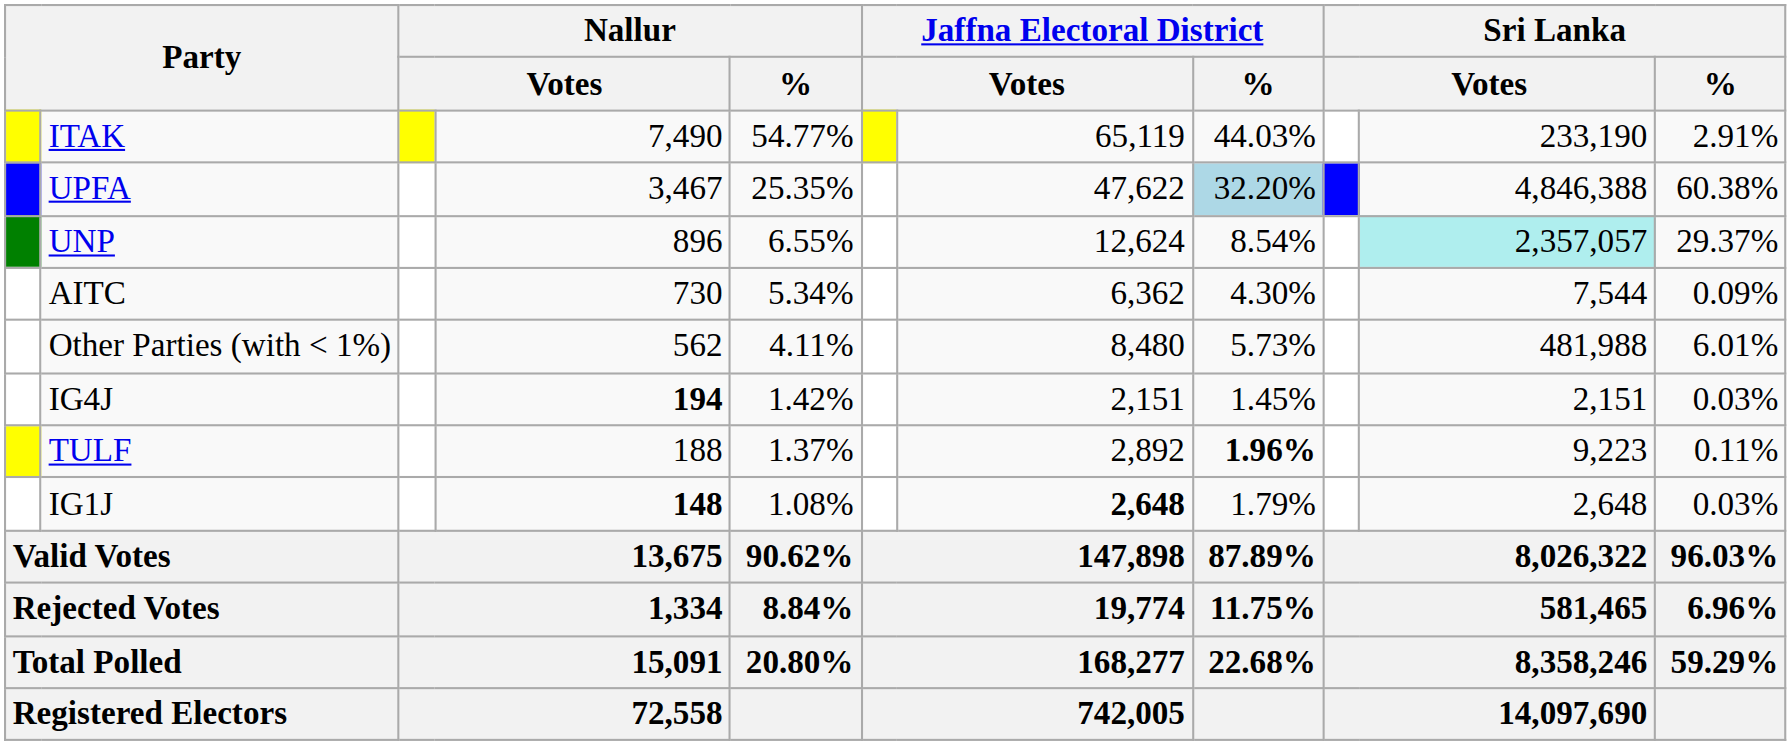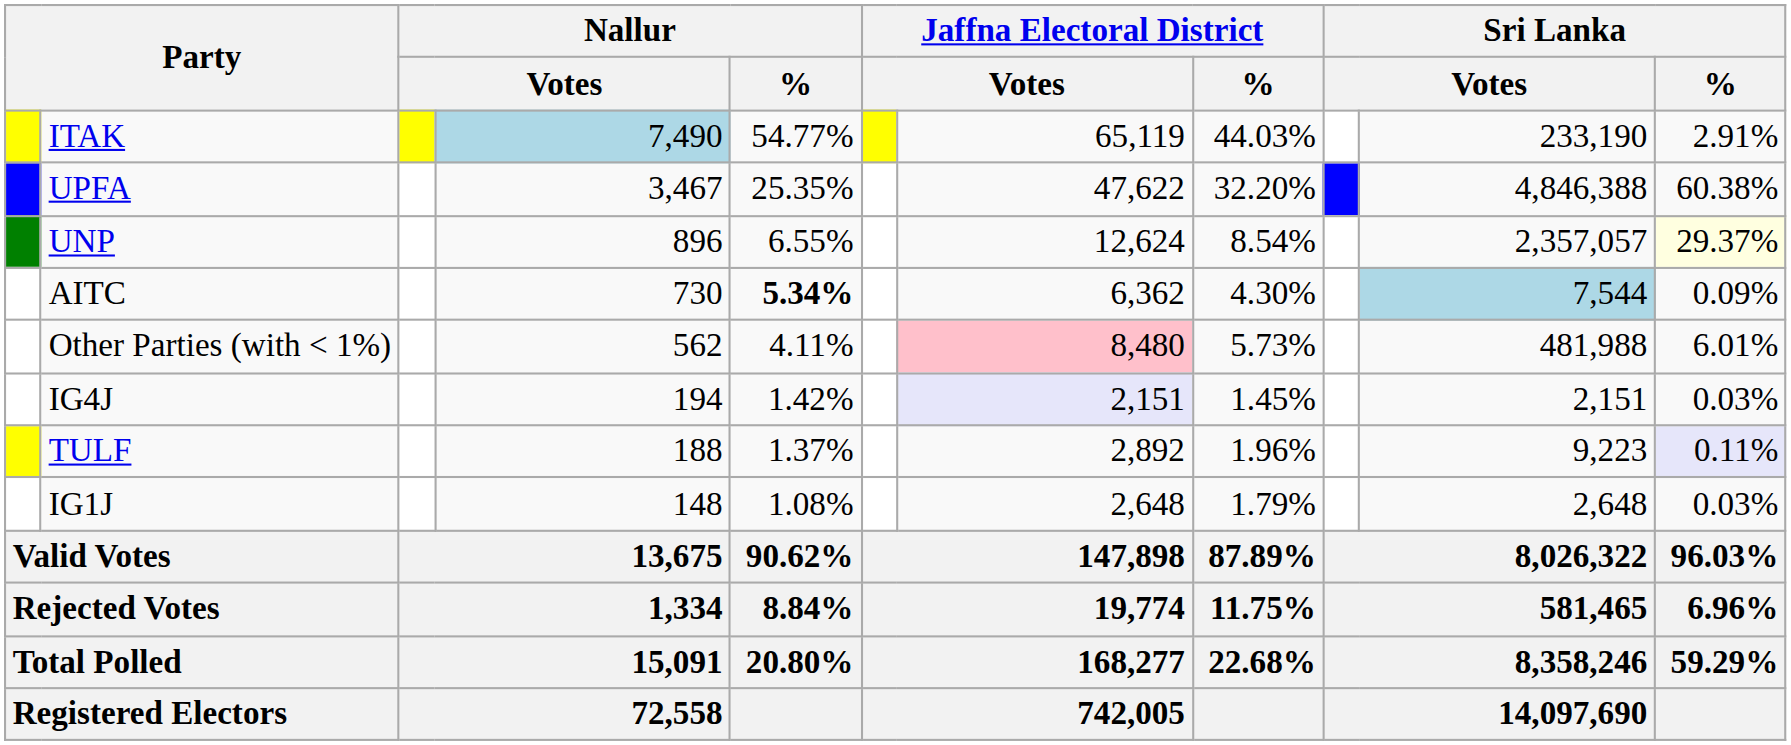 <table class="wikitable">
 <tr>
 <th colspan="2" width="144px"rowspan="2">Party</th>
 <th colspan="3" width="216px">Nallur</th>
 <th colspan="3" width="216px"><a href='#'>Jaffna Electoral District</a></th>
 <th colspan="3" width="216px">Sri Lanka</th>
 </tr>
 <tr>
 <th colspan="2" width="144px">Votes</th>
 <th>%</th>
 <th colspan="2" width="144px">Votes</th>
 <th>%</th>
 <th colspan="2" width="144px">Votes</th>
 <th>%</th>
 </tr>
 <tr>
 <td style="background-color:yellow;" width="10px"></td>
 <td style="text-align:left;"><a href='#'>ITAK</a></td>
 <td style="background-color:yellow;" width="10px"></td>
-<td style="text-align:right;">7,490</td>
+<td style="background: lightblue; text-align:right;">7,490</td>
 <td style="text-align:right;">54.77%</td>
 <td style="background-color:yellow;" width="10px"></td>
 <td style="text-align:right;">65,119</td>
 <td style="text-align:right;">44.03%</td>
 <td style="background-color:white;" width="10px"></td>
 <td style="text-align:right;">233,190</td>
 <td style="text-align:right;">2.91%</td>
 </tr>
 <tr>
 <td style="background-color:blue;" width="10px"></td>
 <td style="text-align:left;"><a href='#'>UPFA</a></td>
 <td style="background-color:white;" width="10px"></td>
 <td style="text-align:right;">3,467</td>
 <td style="text-align:right;">25.35%</td>
 <td style="background-color:white;" width="10px"></td>
 <td style="text-align:right;">47,622</td>
-<td style="background: lightblue; text-align:right;">32.20%</td>
+<td style="text-align:right;">32.20%</td>
 <td style="background-color:blue;" width="10px"></td>
 <td style="text-align:right;">4,846,388</td>
 <td style="text-align:right;">60.38%</td>
 </tr>
 <tr>
 <td style="background-color:green;" width="10px"></td>
 <td style="text-align:left;"><a href='#'>UNP</a></td>
 <td style="background-color:white;" width="10px"></td>
 <td style="text-align:right;">896</td>
 <td style="text-align:right;">6.55%</td>
 <td style="background-color:white;" width="10px"></td>
 <td style="text-align:right;">12,624</td>
 <td style="text-align:right;">8.54%</td>
 <td style="background-color:white;" width="10px"></td>
-<td style="background: paleturquoise; text-align:right;">2,357,057</td>
-<td style="text-align:right;">29.37%</td>
+<td style="text-align:right;">2,357,057</td>
+<td style="background: lightyellow; text-align:right;">29.37%</td>
 </tr>
 <tr>
 <td style="background-color:white;" width="10px"></td>
 <td style="text-align:left;">AITC</td>
 <td style="background-color:white;" width="10px"></td>
 <td style="text-align:right;">730</td>
-<td style="text-align:right;">5.34%</td>
+<td style="text-align:right;"><strong>5.34%</strong></td>
 <td style="background-color:white;" width="10px"></td>
 <td style="text-align:right;">6,362</td>
 <td style="text-align:right;">4.30%</td>
 <td style="background-color:white;" width="10px"></td>
-<td style="text-align:right;">7,544</td>
+<td style="background: lightblue; text-align:right;">7,544</td>
 <td style="text-align:right;">0.09%</td>
 </tr>
 <tr>
 <td style="background-color:white;" width="10px"></td>
 <td style="text-align:left;">Other Parties (with < 1%)</td>
 <td style="background-color:white;" width="10px"></td>
 <td style="text-align:right;">562</td>
 <td style="text-align:right;">4.11%</td>
 <td style="background-color:white;" width="10px"></td>
-<td style="text-align:right;">8,480</td>
+<td style="background: pink; text-align:right;">8,480</td>
 <td style="text-align:right;">5.73%</td>
 <td style="background-color:white;" width="10px"></td>
 <td style="text-align:right;">481,988</td>
 <td style="text-align:right;">6.01%</td>
 </tr>
 <tr>
 <td style="background-color:white;" width="10px"></td>
 <td style="text-align:left;">IG4J</td>
 <td style="background-color:white;" width="10px"></td>
-<td style="text-align:right;"><strong>194</strong></td>
+<td style="text-align:right;">194</td>
 <td style="text-align:right;">1.42%</td>
 <td style="background-color:white;" width="10px"></td>
-<td style="text-align:right;">2,151</td>
+<td style="background: lavender; text-align:right;">2,151</td>
 <td style="text-align:right;">1.45%</td>
 <td style="background-color:white;" width="10px"></td>
 <td style="text-align:right;">2,151</td>
 <td style="text-align:right;">0.03%</td>
 </tr>
 <tr>
 <td style="background-color:yellow;" width="10px"></td>
 <td style="text-align:left;"><a href='#'>TULF</a></td>
 <td style="background-color:white;" width="10px"></td>
 <td style="text-align:right;">188</td>
 <td style="text-align:right;">1.37%</td>
 <td style="background-color:white;" width="10px"></td>
 <td style="text-align:right;">2,892</td>
-<td style="text-align:right;"><strong>1.96%</strong></td>
+<td style="text-align:right;">1.96%</td>
 <td style="background-color:white;" width="10px"></td>
 <td style="text-align:right;">9,223</td>
-<td style="text-align:right;">0.11%</td>
+<td style="background: lavender; text-align:right;">0.11%</td>
 </tr>
 <tr>
 <td style="background-color:white;" width="10px"></td>
 <td style="text-align:left;">IG1J</td>
 <td style="background-color:white;" width="10px"></td>
-<td style="text-align:right;"><strong>148</strong></td>
+<td style="text-align:right;">148</td>
 <td style="text-align:right;">1.08%</td>
 <td style="background-color:white;" width="10px"></td>
-<td style="text-align:right;"><strong>2,648</strong></td>
+<td style="text-align:right;">2,648</td>
 <td style="text-align:right;">1.79%</td>
 <td style="background-color:white;" width="10px"></td>
 <td style="text-align:right;">2,648</td>
 <td style="text-align:right;">0.03%</td>
 </tr>
 <tr>
 <th colspan="2" width="144px"style="text-align:left;">Valid Votes</th>
 <th style="text-align:right;"colspan="2" width="144px">13,675</th>
 <th style="text-align:right;">90.62%</th>
 <th style="text-align:right;"colspan="2" width="144px">147,898</th>
 <th style="text-align:right;">87.89%</th>
 <th style="text-align:right;"colspan="2" width="144px">8,026,322</th>
 <th style="text-align:right;">96.03%</th>
 </tr>
 <tr>
 <th colspan="2" width="144px"style="text-align:left;">Rejected Votes</th>
 <th style="text-align:right;"colspan="2" width="144px">1,334</th>
 <th style="text-align:right;">8.84%</th>
 <th style="text-align:right;"colspan="2" width="144px">19,774</th>
 <th style="text-align:right;">11.75%</th>
 <th style="text-align:right;"colspan="2" width="144px">581,465</th>
 <th style="text-align:right;">6.96%</th>
 </tr>
 <tr>
 <th colspan="2" width="144px"style="text-align:left;">Total Polled</th>
 <th style="text-align:right;"colspan="2" width="144px">15,091</th>
 <th style="text-align:right;">20.80%</th>
 <th style="text-align:right;"colspan="2" width="144px">168,277</th>
 <th style="text-align:right;">22.68%</th>
 <th style="text-align:right;"colspan="2" width="144px">8,358,246</th>
 <th style="text-align:right;">59.29%</th>
 </tr>
 <tr>
 <th colspan="2" width="144px"style="text-align:left;">Registered Electors</th>
 <th style="text-align:right;"colspan="2" width="144px">72,558</th>
 <th></th>
 <th style="text-align:right;"colspan="2" width="144px">742,005</th>
 <th></th>
 <th style="text-align:right;"colspan="2" width="144px">14,097,690</th>
 <th></th>
 </tr>
 </table>
